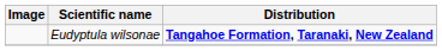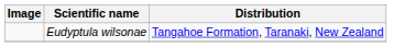 <table class="wikitable">
 <tr>
 <th>Image</th>
 <th>Scientific name</th>
 <th>Distribution</th>
 </tr>
 <tr>
 <td></td>
 <td><em>Eudyptula wilsonae</em></td>
-<td><strong><a href='#'>Tangahoe Formation</a>, <a href='#'>Taranaki</a>, <a href='#'>New Zealand</a></strong></td>
+<td><a href='#'>Tangahoe Formation</a>, <a href='#'>Taranaki</a>, <a href='#'>New Zealand</a></td>
 </tr>
 <tr>
 </tr>
 </table>
